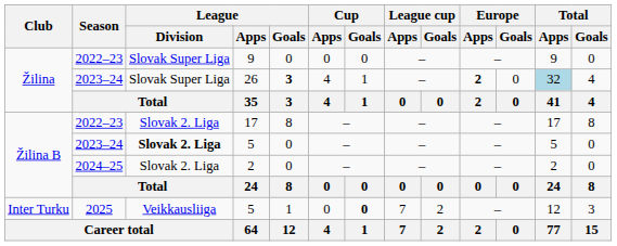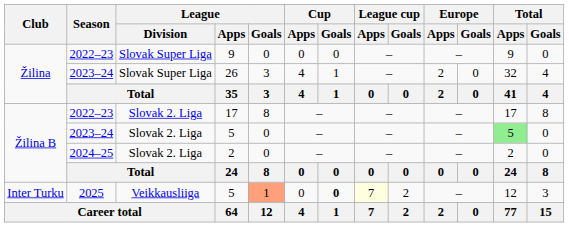 <table class="wikitable" style="text-align:center">
 <tr>
 <th rowspan="2">Club</th>
 <th rowspan="2">Season</th>
 <th colspan="3">League</th>
 <th colspan="2">Cup</th>
 <th colspan="2">League cup</th>
 <th colspan="2">Europe</th>
 <th colspan="2">Total</th>
 </tr>
 <tr>
 <th>Division</th>
 <th>Apps</th>
 <th>Goals</th>
 <th>Apps</th>
 <th>Goals</th>
 <th>Apps</th>
 <th>Goals</th>
 <th>Apps</th>
 <th>Goals</th>
 <th>Apps</th>
 <th>Goals</th>
 </tr>
 <tr>
 <td rowspan=3><a href='#'>Žilina</a></td>
 <td><a href='#'>2022–23</a></td>
 <td><a href='#'>Slovak Super Liga</a></td>
 <td>9</td>
 <td>0</td>
 <td>0</td>
 <td>0</td>
 <td colspan=2>–</td>
 <td colspan=2>–</td>
 <td>9</td>
 <td>0</td>
 </tr>
 <tr>
 <td><a href='#'>2023–24</a></td>
 <td>Slovak Super Liga</td>
 <td>26</td>
-<td><strong>3</strong></td>
+<td>3</td>
 <td>4</td>
 <td>1</td>
 <td colspan=2>–</td>
-<td><strong>2</strong></td>
+<td>2</td>
 <td>0</td>
-<td style="background: lightblue;">32</td>
+<td>32</td>
 <td>4</td>
 </tr>
 <tr>
 <th colspan=2>Total</th>
 <th>35</th>
 <th>3</th>
 <th>4</th>
 <th>1</th>
 <th>0</th>
 <th>0</th>
 <th>2</th>
 <th>0</th>
 <th>41</th>
 <th>4</th>
 </tr>
 <tr>
 <td rowspan=4><a href='#'>Žilina B</a></td>
 <td><a href='#'>2022–23</a></td>
 <td><a href='#'>Slovak 2. Liga</a></td>
 <td>17</td>
 <td>8</td>
 <td colspan=2>–</td>
 <td colspan=2>–</td>
 <td colspan=2>–</td>
 <td>17</td>
 <td>8</td>
 </tr>
 <tr>
 <td><a href='#'>2023–24</a></td>
-<td><strong>Slovak 2. Liga</strong></td>
+<td>Slovak 2. Liga</td>
 <td>5</td>
 <td>0</td>
 <td colspan=2>–</td>
 <td colspan=2>–</td>
 <td colspan=2>–</td>
-<td>5</td>
+<td style="background: lightgreen;">5</td>
 <td>0</td>
 </tr>
 <tr>
 <td><a href='#'>2024–25</a></td>
 <td>Slovak 2. Liga</td>
 <td>2</td>
 <td>0</td>
 <td colspan=2>–</td>
 <td colspan=2>–</td>
 <td colspan=2>–</td>
 <td>2</td>
 <td>0</td>
 </tr>
 <tr>
 <th colspan=2>Total</th>
 <th>24</th>
 <th>8</th>
 <th>0</th>
 <th>0</th>
 <th>0</th>
 <th>0</th>
 <th>0</th>
 <th>0</th>
 <th>24</th>
 <th>8</th>
 </tr>
 <tr>
 <td><a href='#'>Inter Turku</a></td>
 <td><a href='#'>2025</a></td>
 <td><a href='#'>Veikkausliiga</a></td>
 <td>5</td>
-<td>1</td>
+<td style="background: lightsalmon;">1</td>
 <td>0</td>
 <td><strong>0</strong></td>
-<td>7</td>
+<td style="background: lightyellow;">7</td>
 <td>2</td>
 <td colspan=2>–</td>
 <td>12</td>
 <td>3</td>
 </tr>
 <tr>
 <th colspan="3">Career total</th>
 <th>64</th>
 <th>12</th>
 <th>4</th>
 <th>1</th>
 <th>7</th>
 <th>2</th>
 <th>2</th>
 <th>0</th>
 <th>77</th>
 <th>15</th>
 </tr>
 </table>
